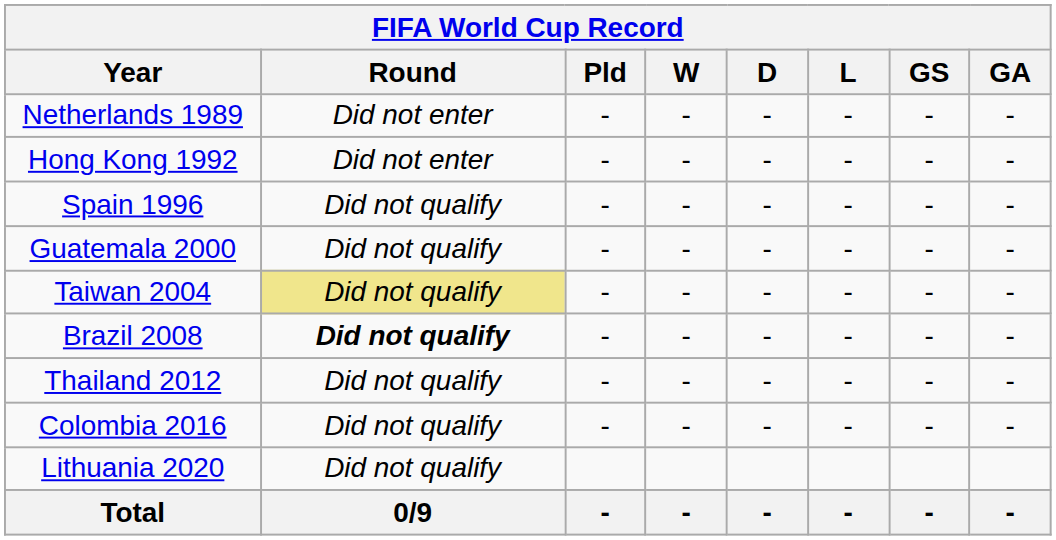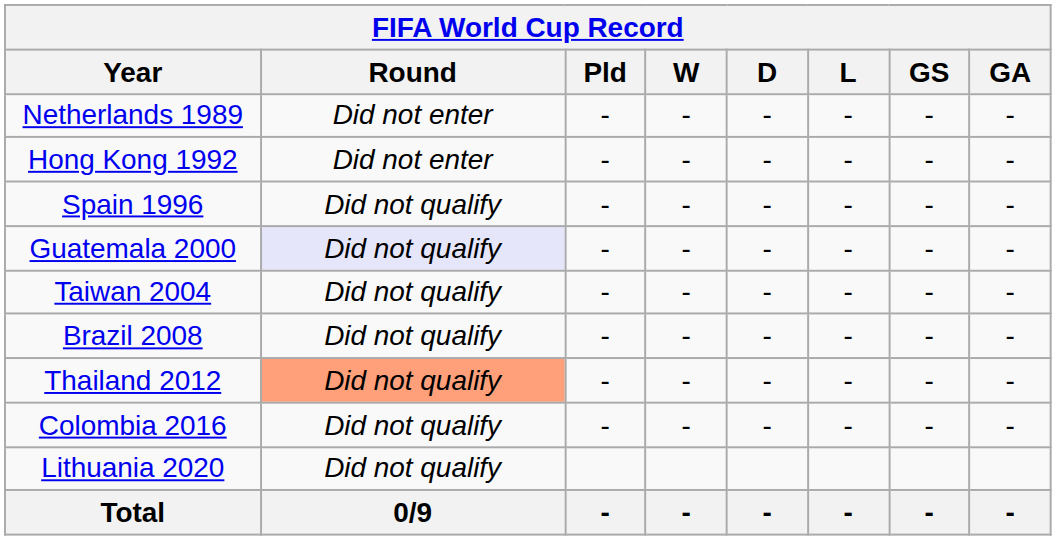 <table class="wikitable" style="text-align: center;font-size:90%;">
 <tr>
 <th colspan=8><a href='#'>FIFA World Cup Record</a></th>
 </tr>
 <tr>
 <th width=125>Year</th>
 <th width=150>Round</th>
 <th width=35>Pld</th>
 <th width=35>W</th>
 <th width=35>D</th>
 <th width=35>L</th>
 <th width=35>GS</th>
 <th width=35>GA</th>
 </tr>
 <tr>
 <td><a href='#'>Netherlands 1989</a></td>
 <td><em>Did not enter</em></td>
 <td>-</td>
 <td>-</td>
 <td>-</td>
 <td>-</td>
 <td>-</td>
 <td>-</td>
 </tr>
 <tr>
 <td><a href='#'>Hong Kong 1992</a></td>
 <td><em>Did not enter</em></td>
 <td>-</td>
 <td>-</td>
 <td>-</td>
 <td>-</td>
 <td>-</td>
 <td>-</td>
 </tr>
 <tr>
 <td><a href='#'>Spain 1996</a></td>
 <td><em>Did not qualify</em></td>
 <td>-</td>
 <td>-</td>
 <td>-</td>
 <td>-</td>
 <td>-</td>
 <td>-</td>
 </tr>
 <tr>
 <td><a href='#'>Guatemala 2000</a></td>
+<td style="background: lavender;"><em>Did not qualify</em></td>
+<td>-</td>
+<td>-</td>
+<td>-</td>
+<td>-</td>
+<td>-</td>
+<td>-</td>
+</tr>
+<tr>
+<td><a href='#'>Taiwan 2004</a></td>
 <td><em>Did not qualify</em></td>
 <td>-</td>
 <td>-</td>
 <td>-</td>
 <td>-</td>
 <td>-</td>
 <td>-</td>
 </tr>
 <tr>
-<td><a href='#'>Taiwan 2004</a></td>
-<td style="background: khaki;"><em>Did not qualify</em></td>
-<td>-</td>
-<td>-</td>
-<td>-</td>
-<td>-</td>
-<td>-</td>
-<td>-</td>
-</tr>
-<tr>
 <td><a href='#'>Brazil 2008</a></td>
-<td><strong><em>Did not qualify</em></strong></td>
+<td><em>Did not qualify</em></td>
 <td>-</td>
 <td>-</td>
 <td>-</td>
 <td>-</td>
 <td>-</td>
 <td>-</td>
 </tr>
 <tr>
 <td><a href='#'>Thailand 2012</a></td>
-<td><em>Did not qualify</em></td>
+<td style="background: lightsalmon;"><em>Did not qualify</em></td>
 <td>-</td>
 <td>-</td>
 <td>-</td>
 <td>-</td>
 <td>-</td>
 <td>-</td>
 </tr>
 <tr>
 <td><a href='#'>Colombia 2016</a></td>
 <td><em>Did not qualify</em></td>
 <td>-</td>
 <td>-</td>
 <td>-</td>
 <td>-</td>
 <td>-</td>
 <td>-</td>
 </tr>
 <tr>
 <td><a href='#'>Lithuania 2020</a></td>
 <td><em>Did not qualify</em></td>
 <td></td>
 <td></td>
 <td></td>
 <td></td>
 <td></td>
 <td></td>
 </tr>
 <tr>
 <th><strong>Total</strong></th>
 <th>0/9</th>
 <th>-</th>
 <th>-</th>
 <th>-</th>
 <th>-</th>
 <th>-</th>
 <th>-</th>
 </tr>
 </table>
